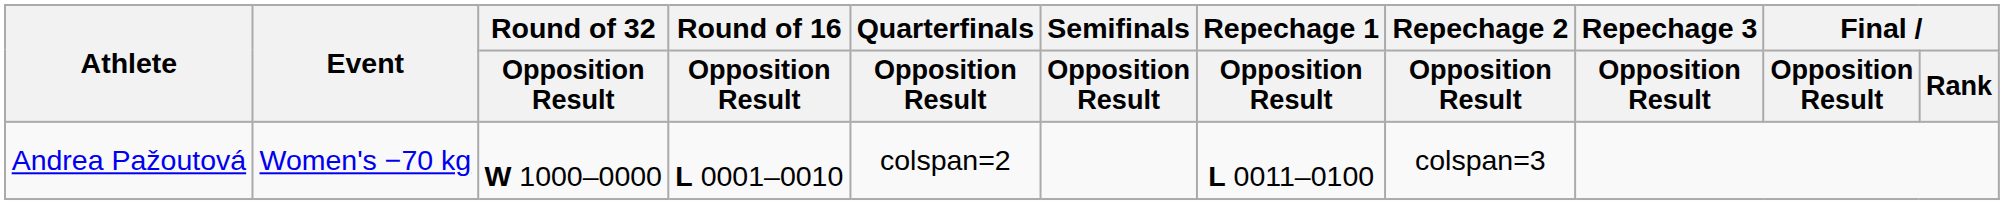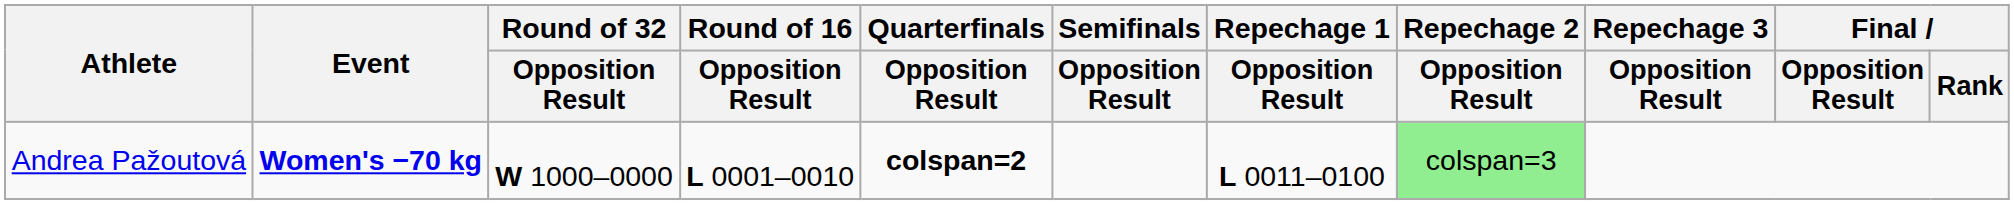 <table class="wikitable" style="font-size:90%">
 <tr>
 <th rowspan="2">Athlete</th>
 <th rowspan="2">Event</th>
 <th>Round of 32</th>
 <th>Round of 16</th>
 <th>Quarterfinals</th>
 <th>Semifinals</th>
 <th>Repechage 1</th>
 <th>Repechage 2</th>
 <th>Repechage 3</th>
 <th colspan=2>Final / </th>
 </tr>
 <tr style="font-size:95%">
 <th>Opposition<br>Result</th>
 <th>Opposition<br>Result</th>
 <th>Opposition<br>Result</th>
 <th>Opposition<br>Result</th>
 <th>Opposition<br>Result</th>
 <th>Opposition<br>Result</th>
 <th>Opposition<br>Result</th>
 <th>Opposition<br>Result</th>
 <th>Rank</th>
 </tr>
 <tr align=center>
 <td align=left><a href='#'>Andrea Pažoutová</a></td>
-<td align=left><a href='#'>Women's −70 kg</a></td>
+<td align=left><strong><a href='#'>Women's −70 kg</a></strong></td>
 <td><br><strong>W</strong> 1000–0000</td>
 <td><br><strong>L</strong> 0001–0010</td>
-<td>colspan=2 </td>
+<td><strong>colspan=2 </strong></td>
 <td></td>
 <td><br><strong>L</strong> 0011–0100</td>
-<td>colspan=3 </td>
+<td style="background: lightgreen;">colspan=3 </td>
 </tr>
 </table>
